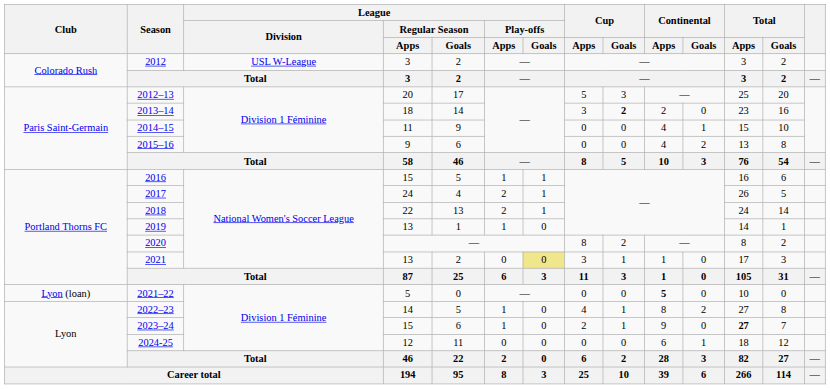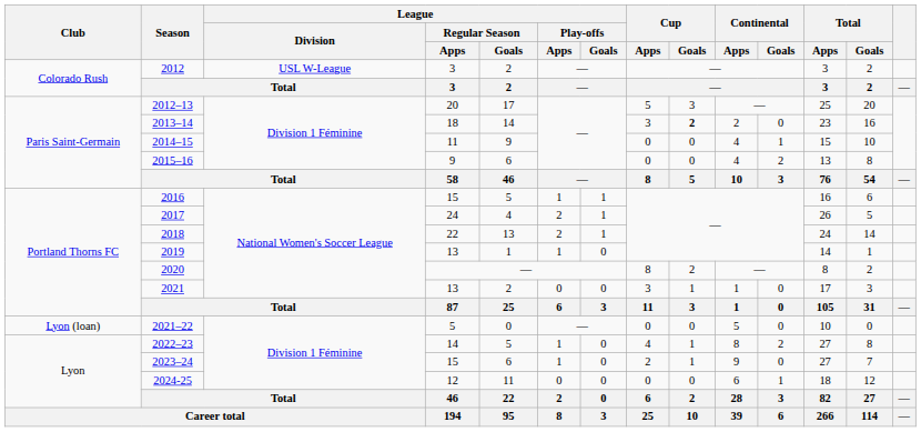 <table class="wikitable" style="text-align:center; width:100%">
 <tr>
 <th rowspan=3>Club</th>
 <th rowspan=3>Season</th>
 <th colspan=5>League</th>
 <th colspan=2 rowspan=2>Cup</th>
 <th colspan=2 rowspan=2>Continental</th>
 <th colspan=2 rowspan=2>Total</th>
 <th rowspan="3"></th>
 </tr>
 <tr>
 <th rowspan=2>Division</th>
 <th colspan=2>Regular Season</th>
 <th colspan=2>Play-offs</th>
 </tr>
 <tr>
 <th>Apps</th>
 <th>Goals</th>
 <th>Apps</th>
 <th>Goals</th>
 <th>Apps</th>
 <th>Goals</th>
 <th>Apps</th>
 <th>Goals</th>
 <th>Apps</th>
 <th>Goals</th>
 </tr>
 <tr>
 <td rowspan=2><a href='#'>Colorado Rush</a></td>
 <td><a href='#'>2012</a></td>
 <td><a href='#'>USL W-League</a></td>
 <td>3</td>
 <td>2</td>
 <td colspan=2>—</td>
 <td colspan=4>—</td>
 <td>3</td>
 <td>2</td>
 <td></td>
 </tr>
 <tr>
 <th colspan=2>Total</th>
 <th>3</th>
 <th>2</th>
 <th colspan=2>—</th>
 <th colspan=4>—</th>
 <th>3</th>
 <th>2</th>
 <th>—</th>
 </tr>
 <tr>
 <td rowspan="5"><a href='#'>Paris Saint-Germain</a></td>
 <td><a href='#'>2012–13</a></td>
 <td rowspan="4"><a href='#'>Division 1 Féminine</a></td>
 <td>20</td>
 <td>17</td>
 <td colspan="2" rowspan="4">—</td>
 <td>5</td>
 <td>3</td>
 <td colspan="2">—</td>
 <td>25</td>
 <td>20</td>
 <td rowspan="4"></td>
 </tr>
 <tr>
 <td><a href='#'>2013–14</a></td>
 <td>18</td>
 <td>14</td>
 <td>3</td>
 <td><strong>2</strong></td>
 <td>2</td>
 <td>0</td>
 <td>23</td>
 <td>16</td>
 </tr>
 <tr>
 <td><a href='#'>2014–15</a></td>
 <td>11</td>
 <td>9</td>
 <td>0</td>
 <td>0</td>
 <td>4</td>
 <td>1</td>
 <td>15</td>
 <td>10</td>
 </tr>
 <tr>
 <td><a href='#'>2015–16</a></td>
 <td>9</td>
 <td>6</td>
 <td>0</td>
 <td>0</td>
 <td>4</td>
 <td>2</td>
 <td>13</td>
 <td>8</td>
 </tr>
 <tr>
 <th colspan=2>Total</th>
 <th>58</th>
 <th>46</th>
 <th colspan=2>—</th>
 <th>8</th>
 <th>5</th>
 <th>10</th>
 <th>3</th>
 <th>76</th>
 <th>54</th>
 <th>—</th>
 </tr>
 <tr>
 <td rowspan=7 valign="center"><a href='#'>Portland Thorns FC</a></td>
 <td><a href='#'>2016</a></td>
 <td rowspan=6><a href='#'>National Women's Soccer League</a></td>
 <td>15</td>
 <td>5</td>
 <td>1</td>
 <td>1</td>
 <td rowspan=4 colspan=4>—</td>
 <td>16</td>
 <td>6</td>
 <td></td>
 </tr>
 <tr>
 <td><a href='#'>2017</a></td>
 <td>24</td>
 <td>4</td>
 <td>2</td>
 <td>1</td>
 <td>26</td>
 <td>5</td>
 <td></td>
 </tr>
 <tr>
 <td><a href='#'>2018</a></td>
 <td>22</td>
 <td>13</td>
 <td>2</td>
 <td>1</td>
 <td>24</td>
 <td>14</td>
 <td></td>
 </tr>
 <tr>
 <td><a href='#'>2019</a></td>
 <td>13</td>
 <td>1</td>
 <td>1</td>
 <td>0</td>
 <td>14</td>
 <td>1</td>
 <td></td>
 </tr>
 <tr>
 <td><a href='#'>2020</a></td>
 <td colspan=4>—</td>
 <td>8</td>
 <td>2</td>
 <td colspan=2>—</td>
 <td>8</td>
 <td>2</td>
 <td></td>
 </tr>
 <tr>
 <td><a href='#'>2021</a></td>
 <td>13</td>
 <td>2</td>
 <td>0</td>
-<td style="background: khaki;">0</td>
+<td>0</td>
 <td>3</td>
 <td>1</td>
 <td>1</td>
 <td>0</td>
 <td>17</td>
 <td>3</td>
 <td></td>
 </tr>
 <tr>
 <th colspan=2>Total</th>
 <th>87</th>
 <th>25</th>
 <th>6</th>
 <th>3</th>
 <th>11</th>
 <th>3</th>
 <th>1</th>
 <th>0</th>
 <th>105</th>
 <th>31</th>
 <th>—</th>
 </tr>
 <tr>
 <td><a href='#'>Lyon</a> (loan)</td>
 <td><a href='#'>2021–22</a></td>
 <td rowspan="4"><a href='#'>Division 1 Féminine</a></td>
 <td>5</td>
 <td>0</td>
 <td colspan="2">—</td>
 <td>0</td>
 <td>0</td>
-<td><strong>5</strong></td>
+<td>5</td>
 <td>0</td>
 <td>10</td>
 <td>0</td>
 <td></td>
 </tr>
 <tr>
 <td rowspan="4">Lyon</td>
 <td><a href='#'>2022–23</a></td>
 <td>14</td>
 <td>5</td>
 <td>1</td>
 <td>0</td>
 <td>4</td>
 <td>1</td>
 <td>8</td>
 <td>2</td>
 <td>27</td>
 <td>8</td>
 <td></td>
 </tr>
 <tr>
 <td><a href='#'>2023–24</a></td>
 <td>15</td>
 <td>6</td>
 <td>1</td>
 <td>0</td>
 <td>2</td>
 <td>1</td>
 <td>9</td>
 <td>0</td>
-<td><strong>27</strong></td>
+<td>27</td>
 <td>7</td>
 <td></td>
 </tr>
 <tr>
 <td><a href='#'>2024-25</a></td>
 <td>12</td>
 <td>11</td>
 <td>0</td>
 <td>0</td>
 <td>0</td>
 <td>0</td>
 <td>6</td>
 <td>1</td>
 <td>18</td>
 <td>12</td>
 <td></td>
 </tr>
 <tr>
 <th colspan="2">Total</th>
 <th>46</th>
 <th>22</th>
 <th>2</th>
 <th>0</th>
 <th>6</th>
 <th>2</th>
 <th>28</th>
 <th>3</th>
 <th>82</th>
 <th>27</th>
 <th>—</th>
 </tr>
 <tr>
 <th colspan="3">Career total</th>
 <th>194</th>
 <th>95</th>
 <th>8</th>
 <th>3</th>
 <th>25</th>
 <th>10</th>
 <th>39</th>
 <th>6</th>
 <th>266</th>
 <th>114</th>
 <th>—</th>
 </tr>
 </table>
